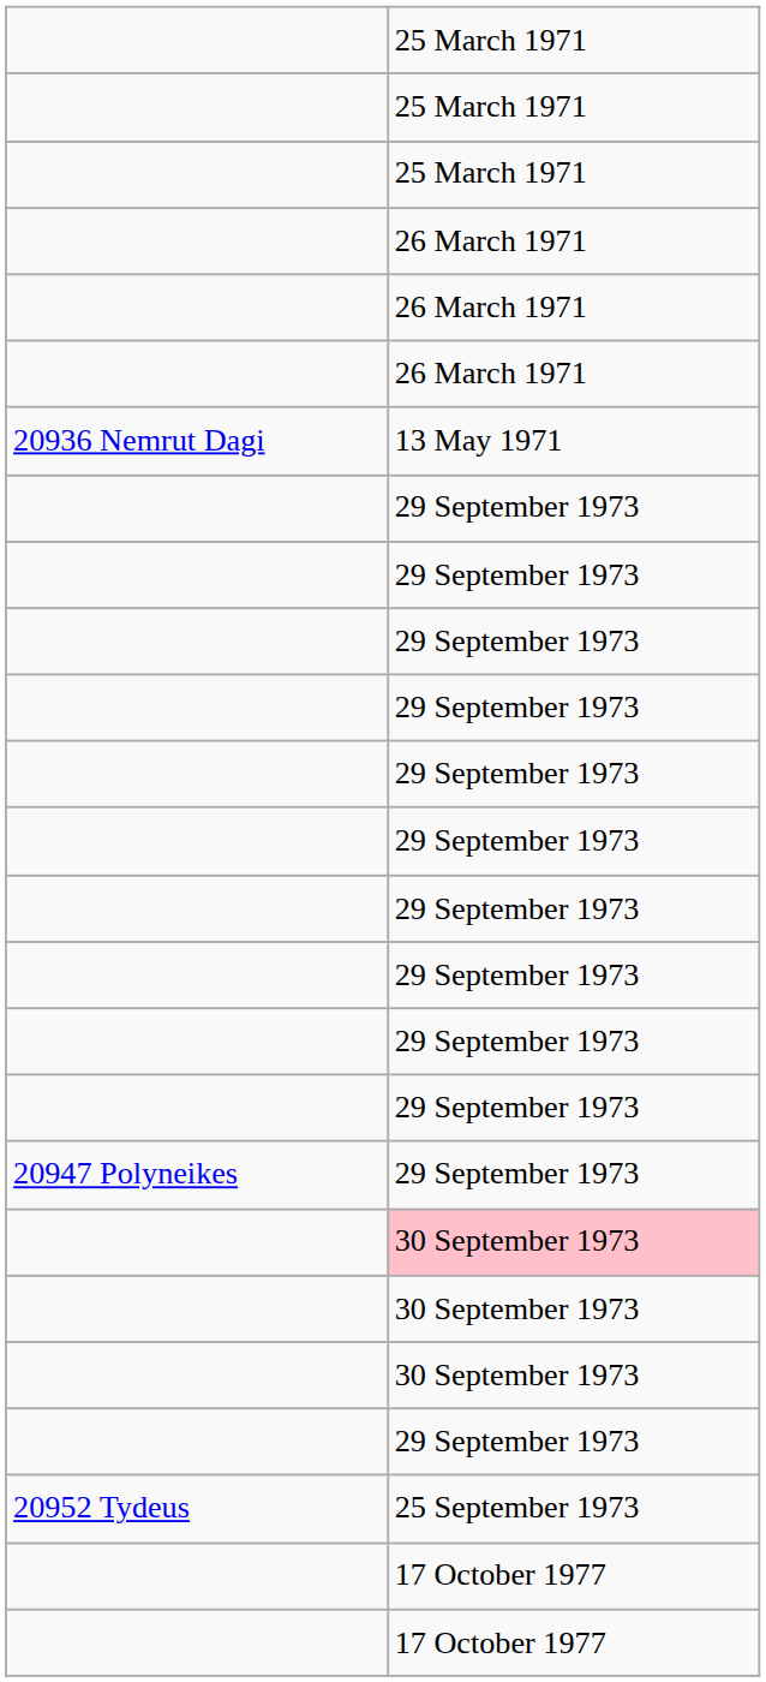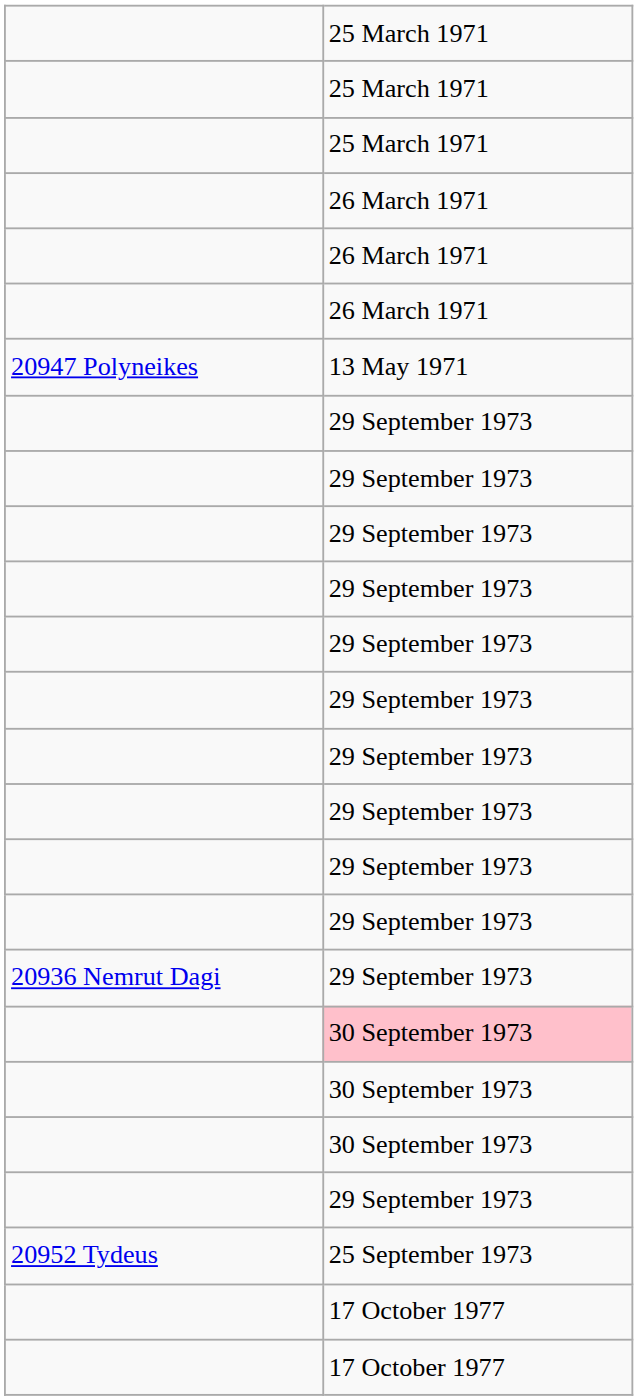 <table class="wikitable" style="font-size: 89%; float: left; width: 24em; margin-right: 1em; line-height: 1.65em">
 <tr>
 <td></td>
 <td>25 March 1971</td>
 </tr>
 <tr>
 <td></td>
 <td>25 March 1971</td>
 </tr>
 <tr>
 <td></td>
 <td>25 March 1971</td>
 </tr>
 <tr>
 <td></td>
 <td>26 March 1971</td>
 </tr>
 <tr>
 <td></td>
 <td>26 March 1971</td>
 </tr>
 <tr>
 <td></td>
 <td>26 March 1971</td>
 </tr>
 <tr>
-<td><a href='#'>20936 Nemrut Dagi</a></td>
+<td><a href='#'>20947 Polyneikes</a></td>
 <td>13 May 1971</td>
 </tr>
 <tr>
 <td></td>
 <td>29 September 1973</td>
 </tr>
 <tr>
 <td></td>
 <td>29 September 1973</td>
 </tr>
 <tr>
 <td></td>
 <td>29 September 1973</td>
 </tr>
 <tr>
 <td></td>
 <td>29 September 1973</td>
 </tr>
 <tr>
 <td></td>
 <td>29 September 1973</td>
 </tr>
 <tr>
 <td></td>
 <td>29 September 1973</td>
 </tr>
 <tr>
 <td></td>
 <td>29 September 1973</td>
 </tr>
 <tr>
 <td></td>
 <td>29 September 1973</td>
 </tr>
 <tr>
 <td></td>
 <td>29 September 1973</td>
 </tr>
 <tr>
 <td></td>
 <td>29 September 1973</td>
 </tr>
 <tr>
-<td><a href='#'>20947 Polyneikes</a></td>
+<td><a href='#'>20936 Nemrut Dagi</a></td>
 <td>29 September 1973</td>
 </tr>
 <tr>
 <td></td>
 <td style="background: pink;">30 September 1973</td>
 </tr>
 <tr>
 <td></td>
 <td>30 September 1973</td>
 </tr>
 <tr>
 <td></td>
 <td>30 September 1973</td>
 </tr>
 <tr>
 <td></td>
 <td>29 September 1973</td>
 </tr>
 <tr>
 <td><a href='#'>20952 Tydeus</a></td>
 <td>25 September 1973</td>
 </tr>
 <tr>
 <td></td>
 <td>17 October 1977</td>
 </tr>
 <tr>
 <td></td>
 <td>17 October 1977</td>
 </tr>
 </table>
